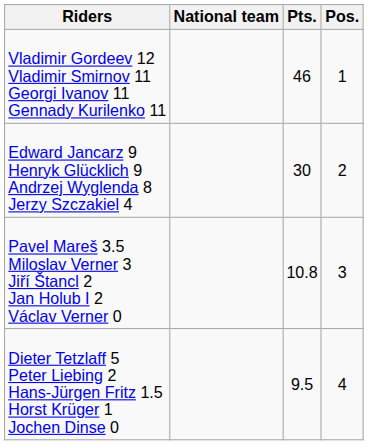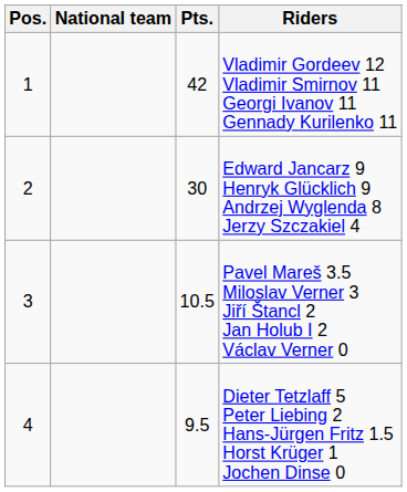 <table class=wikitable style="font-size:93%;">
 <tr>
-<th>Riders</th>
+<th>Pos.</th>
 <th>National team</th>
 <th>Pts.</th>
-<th>Pos.</th>
+<th>Riders</th>
 </tr>
 <tr align=center >
+<td>1</td>
+<td align=left></td>
+<td>42</td>
 <td align=left><br><a href='#'>Vladimir Gordeev</a> 12<br> <a href='#'>Vladimir Smirnov</a> 11<br> <a href='#'>Georgi Ivanov</a> 11<br> <a href='#'>Gennady Kurilenko</a> 11</td>
-<td align=left></td>
-<td>46</td>
-<td>1</td>
 </tr>
 <tr align=center >
-<td align=left><br><a href='#'>Edward Jancarz</a> 9<br> <a href='#'>Henryk Glücklich</a> 9<br> <a href='#'>Andrzej Wyglenda</a> 8<br> <a href='#'>Jerzy Szczakiel</a> 4</td>
+<td>2</td>
 <td align=left></td>
 <td>30</td>
-<td>2</td>
+<td align=left><br><a href='#'>Edward Jancarz</a> 9<br> <a href='#'>Henryk Glücklich</a> 9<br> <a href='#'>Andrzej Wyglenda</a> 8<br> <a href='#'>Jerzy Szczakiel</a> 4</td>
 </tr>
 <tr align=center>
+<td>3</td>
+<td align=left></td>
+<td>10.5</td>
 <td align=left><br><a href='#'>Pavel Mareš</a> 3.5<br> <a href='#'>Miloslav Verner</a> 3<br> <a href='#'>Jiří Štancl</a> 2<br> <a href='#'>Jan Holub I</a> 2<br> <a href='#'>Václav Verner</a> 0</td>
-<td align=left></td>
-<td>10.8</td>
-<td>3</td>
 </tr>
 <tr align=center>
-<td align=left><br><a href='#'>Dieter Tetzlaff</a> 5<br> <a href='#'>Peter Liebing</a> 2<br> <a href='#'>Hans-Jürgen Fritz</a> 1.5<br> <a href='#'>Horst Krüger</a> 1<br> <a href='#'>Jochen Dinse</a> 0</td>
+<td>4</td>
 <td align=left></td>
 <td>9.5</td>
-<td>4</td>
+<td align=left><br><a href='#'>Dieter Tetzlaff</a> 5<br> <a href='#'>Peter Liebing</a> 2<br> <a href='#'>Hans-Jürgen Fritz</a> 1.5<br> <a href='#'>Horst Krüger</a> 1<br> <a href='#'>Jochen Dinse</a> 0</td>
 </tr>
 </table>
